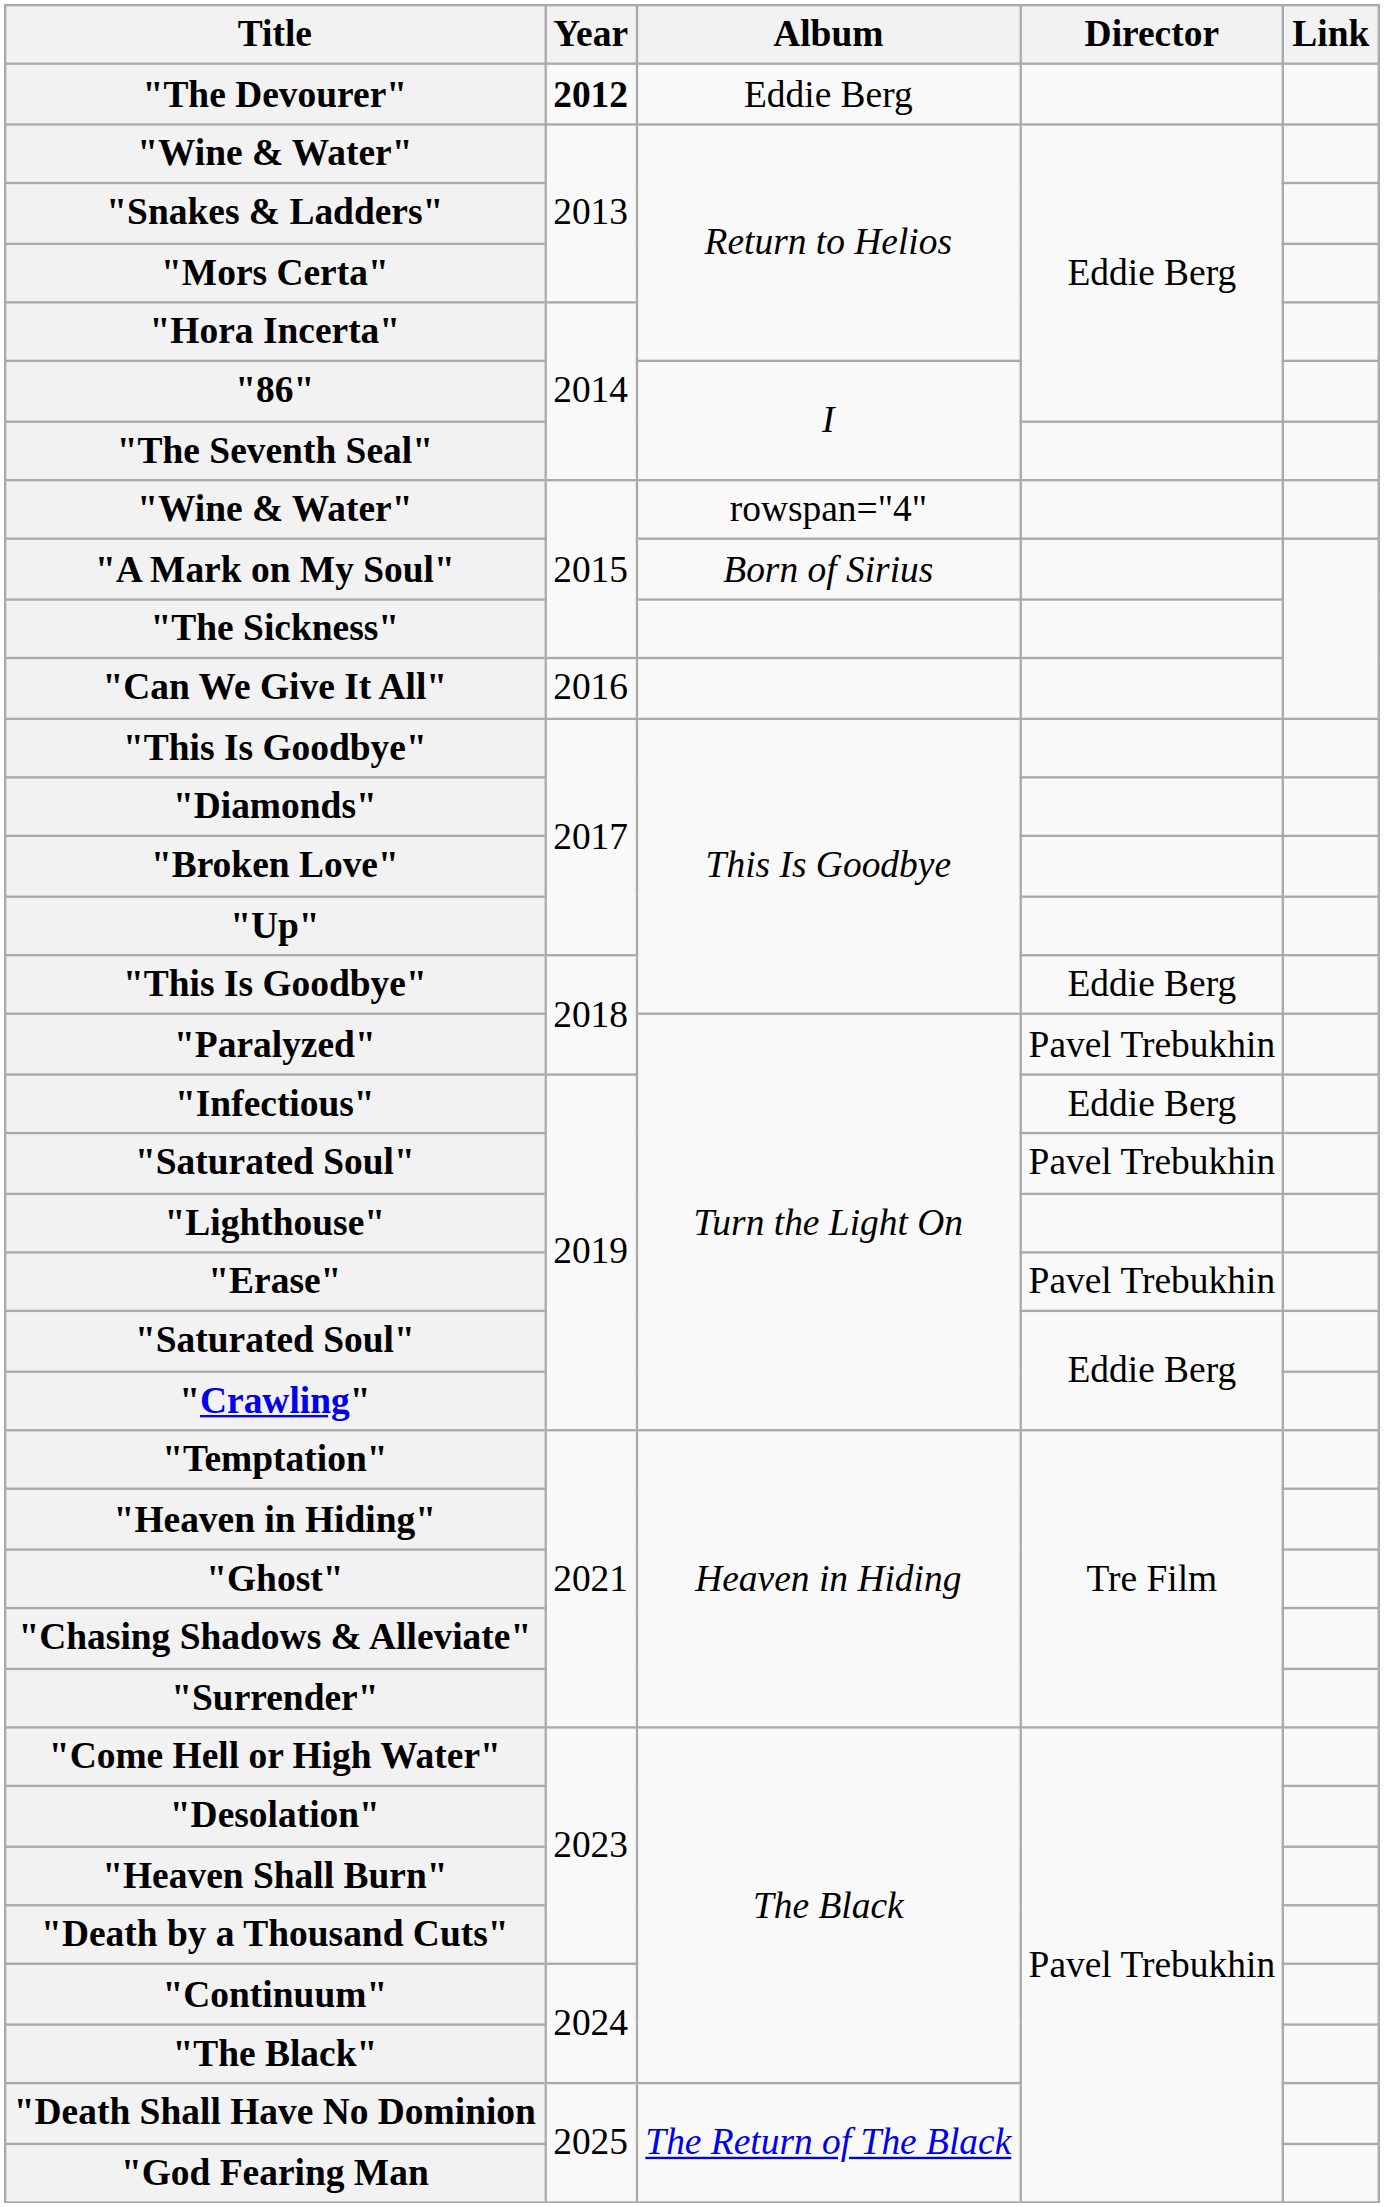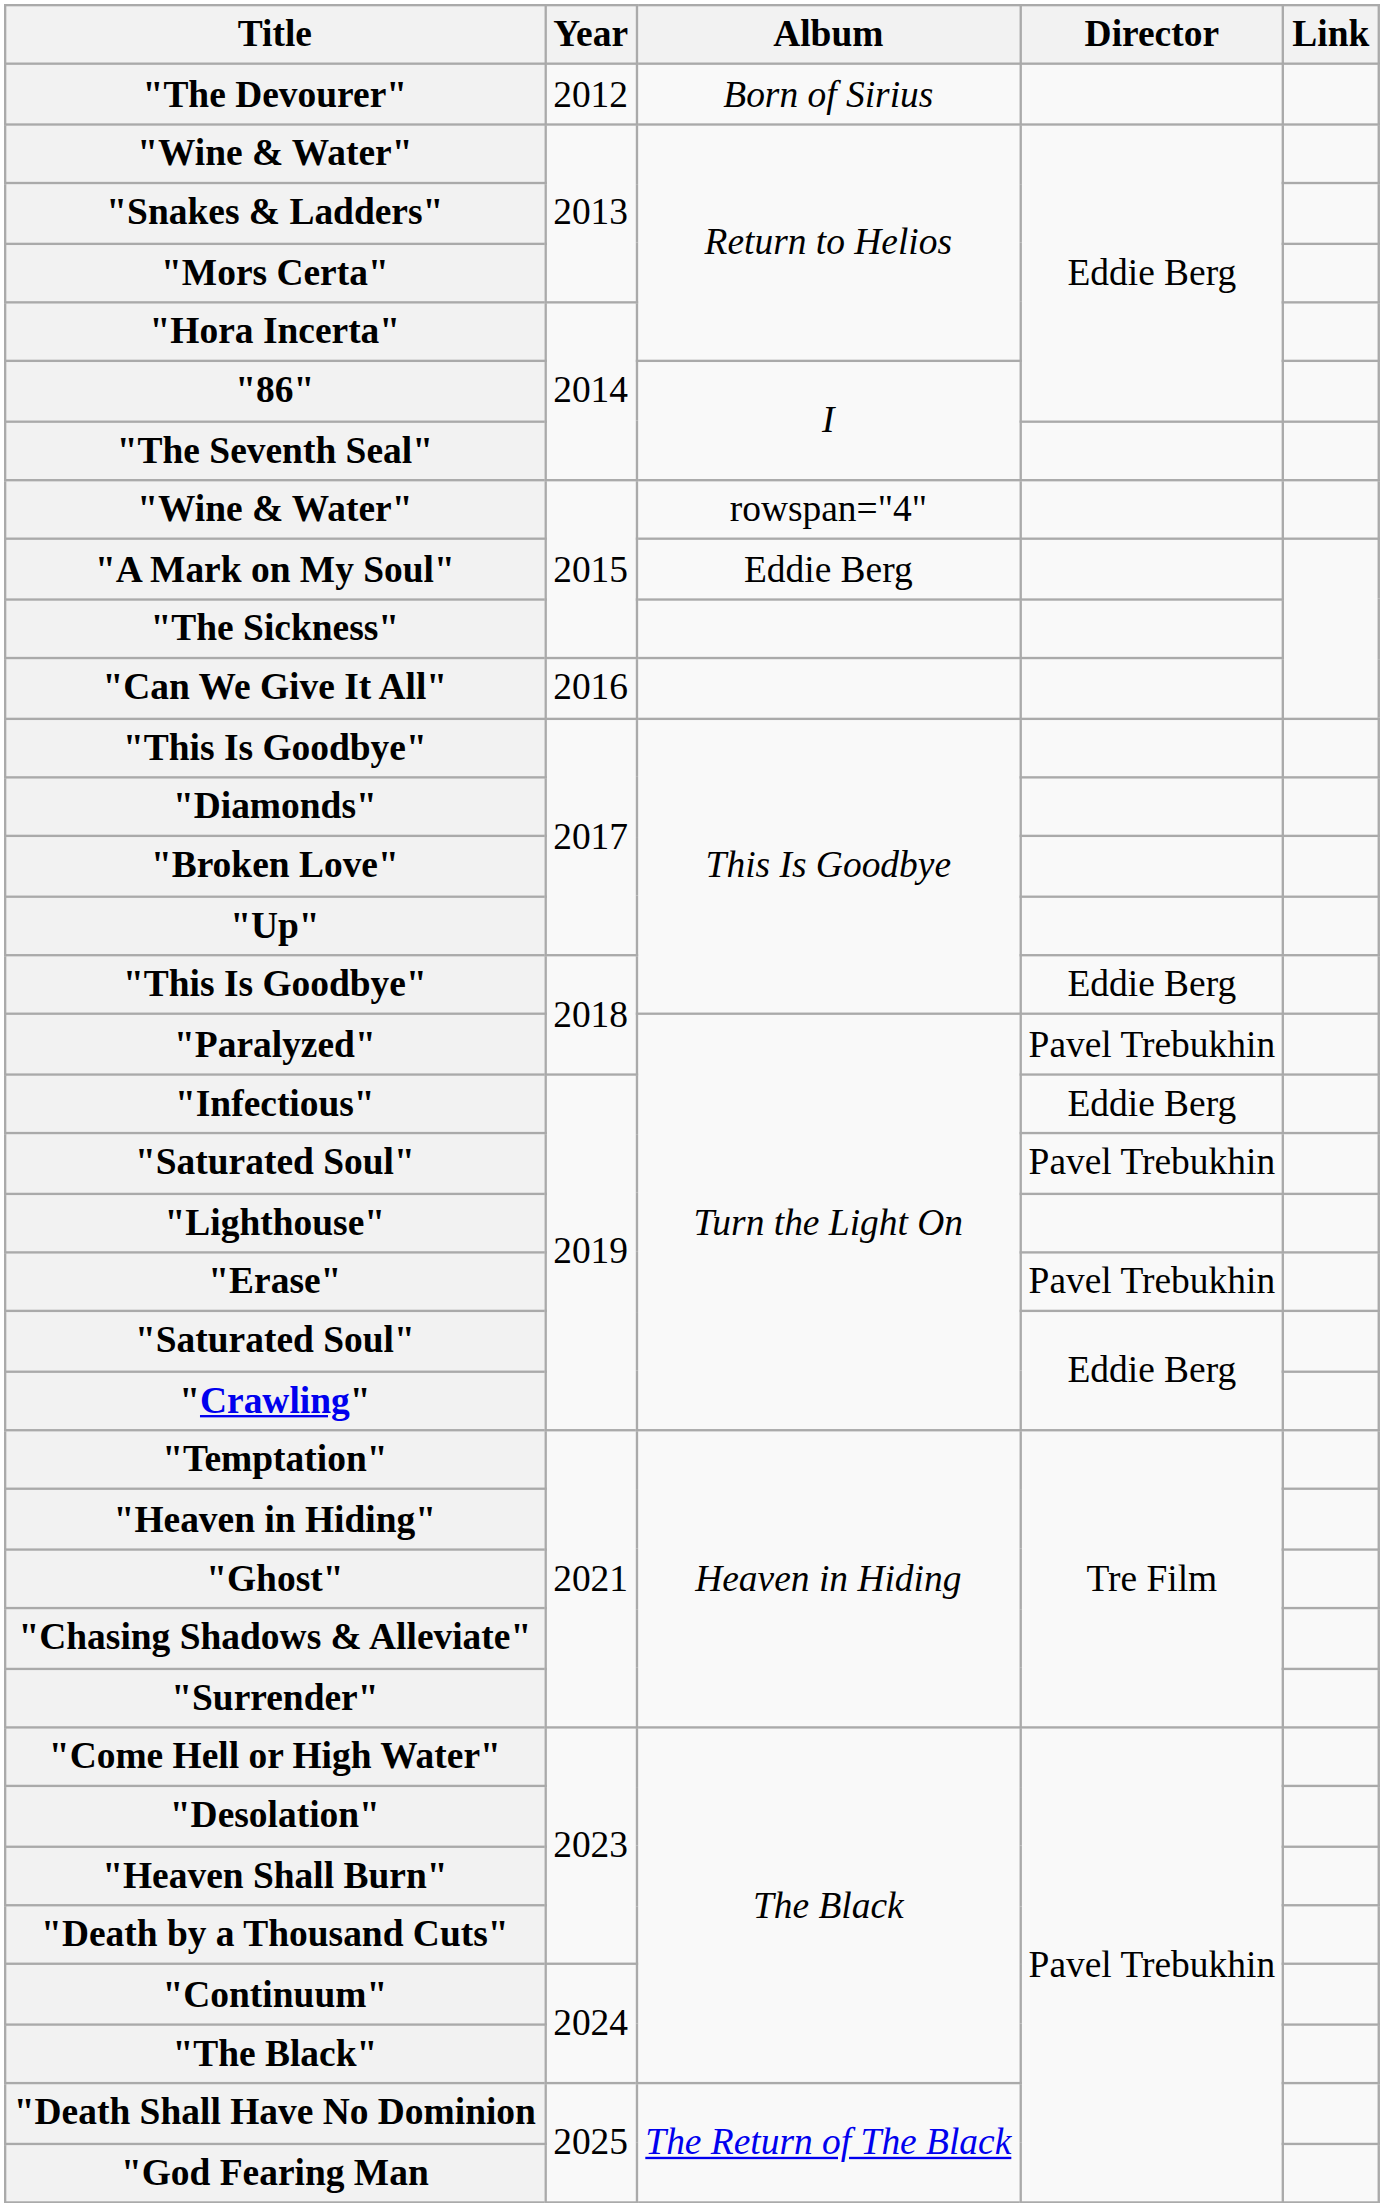 <table class="wikitable plainrowheaders" style="text-align:center;">
 <tr>
 <th scope="col">Title</th>
 <th scope="col">Year</th>
 <th scope="col">Album</th>
 <th scope="col">Director</th>
 <th scope="col">Link</th>
 </tr>
 <tr>
 <th scope="row">"The Devourer"</th>
-<td><strong>2012</strong></td>
-<td>Eddie Berg</td>
+<td>2012</td>
+<td><em>Born of Sirius</em></td>
 <td></td>
 <td></td>
 </tr>
 <tr>
 <th scope="row">"Wine & Water"</th>
 <td rowspan="3">2013</td>
 <td rowspan="4"><em>Return to Helios</em></td>
 <td rowspan="5">Eddie Berg</td>
 <td></td>
 </tr>
 <tr>
 <th scope="row">"Snakes & Ladders"</th>
 <td></td>
 </tr>
 <tr>
 <th scope="row">"Mors Certa"</th>
 <td></td>
 </tr>
 <tr>
 <th scope="row">"Hora Incerta"</th>
 <td rowspan="3">2014</td>
 <td></td>
 </tr>
 <tr>
 <th scope="row">"86"</th>
 <td rowspan="2"><em>I</em></td>
 <td></td>
 </tr>
 <tr>
 <th scope="row">"The Seventh Seal"</th>
 <td></td>
 <td></td>
 </tr>
 <tr>
 <th scope="row">"Wine & Water"  </th>
 <td rowspan="3">2015</td>
 <td>rowspan="4" </td>
 <td></td>
 <td></td>
 </tr>
 <tr>
 <th scope="row">"A Mark on My Soul"</th>
-<td><em>Born of Sirius</em></td>
+<td>Eddie Berg</td>
 <td></td>
 </tr>
 <tr>
 <th scope="row">"The Sickness"</th>
 <td></td>
 <td></td>
 </tr>
 <tr>
 <th scope="row">"Can We Give It All"</th>
 <td>2016</td>
 <td></td>
 <td></td>
 </tr>
 <tr>
 <th scope="row">"This Is Goodbye"</th>
 <td rowspan="4">2017</td>
 <td rowspan="5"><em>This Is Goodbye</em></td>
 <td></td>
 <td></td>
 </tr>
 <tr>
 <th scope="row">"Diamonds"</th>
 <td></td>
 <td></td>
 </tr>
 <tr>
 <th scope="row">"Broken Love"</th>
 <td></td>
 <td></td>
 </tr>
 <tr>
 <th scope="row">"Up"</th>
 <td></td>
 <td></td>
 </tr>
 <tr>
 <th scope="row">"This Is Goodbye" </th>
 <td rowspan="2">2018</td>
 <td>Eddie Berg</td>
 <td></td>
 </tr>
 <tr>
 <th scope="row">"Paralyzed"</th>
 <td rowspan="7"><em>Turn the Light On</em></td>
 <td>Pavel Trebukhin</td>
 <td></td>
 </tr>
 <tr>
 <th scope="row">"Infectious"</th>
 <td rowspan="6">2019</td>
 <td>Eddie Berg</td>
 <td></td>
 </tr>
 <tr>
 <th scope="row">"Saturated Soul"</th>
 <td>Pavel Trebukhin</td>
 <td></td>
 </tr>
 <tr>
 <th scope="row">"Lighthouse"</th>
 <td></td>
 <td></td>
 </tr>
 <tr>
 <th scope="row">"Erase"</th>
 <td>Pavel Trebukhin</td>
 <td></td>
 </tr>
 <tr>
 <th scope="row">"Saturated Soul" </th>
 <td rowspan="2">Eddie Berg</td>
 <td></td>
 </tr>
 <tr>
 <th scope="row">"<a href='#'>Crawling</a>" </th>
 <td></td>
 </tr>
 <tr>
 <th scope="row">"Temptation"</th>
 <td rowspan="5">2021</td>
 <td rowspan="5"><em>Heaven in Hiding</em></td>
 <td rowspan="5">Tre Film</td>
 <td></td>
 </tr>
 <tr>
 <th scope="row">"Heaven in Hiding"</th>
 <td></td>
 </tr>
 <tr>
 <th scope="row">"Ghost"</th>
 <td></td>
 </tr>
 <tr>
 <th scope="row">"Chasing Shadows & Alleviate"</th>
 <td></td>
 </tr>
 <tr>
 <th scope="row">"Surrender"</th>
 <td></td>
 </tr>
 <tr>
 <th scope="row">"Come Hell or High Water"</th>
 <td rowspan="4">2023</td>
 <td rowspan="6"><em>The Black</em></td>
 <td rowspan="8">Pavel Trebukhin</td>
 <td></td>
 </tr>
 <tr>
 <th scope="row">"Desolation"</th>
 <td></td>
 </tr>
 <tr>
 <th scope="row">"Heaven Shall Burn"</th>
 <td></td>
 </tr>
 <tr>
 <th scope="row">"Death by a Thousand Cuts"</th>
 <td></td>
 </tr>
 <tr>
 <th scope="row">"Continuum"</th>
 <td rowspan="2">2024</td>
 <td></td>
 </tr>
 <tr>
 <th scope="row">"The Black"</th>
 <td></td>
 </tr>
 <tr>
 <th scope="row">"Death Shall Have No Dominion</th>
 <td rowspan="2">2025</td>
 <td rowspan="2"><em><a href='#'>The Return of The Black</a></em></td>
 <td></td>
 </tr>
 <tr>
 <th scope="row">"God Fearing Man</th>
 <td></td>
 </tr>
 </table>
